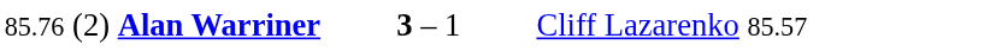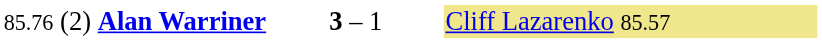 <table style="text-align:center">
 <tr>
 <th width=223></th>
 <th width=100></th>
 <th width=223></th>
 </tr>
 <tr>
 <td align=right><small>85.76</small> (2) <strong><a href='#'>Alan Warriner</a></strong> </td>
 <td><strong>3</strong> – 1</td>
-<td align=left> <a href='#'>Cliff Lazarenko</a> <small>85.57</small></td>
+<td align=left style="background: khaki;"> <a href='#'>Cliff Lazarenko</a> <small>85.57</small></td>
 </tr>
 </table>
